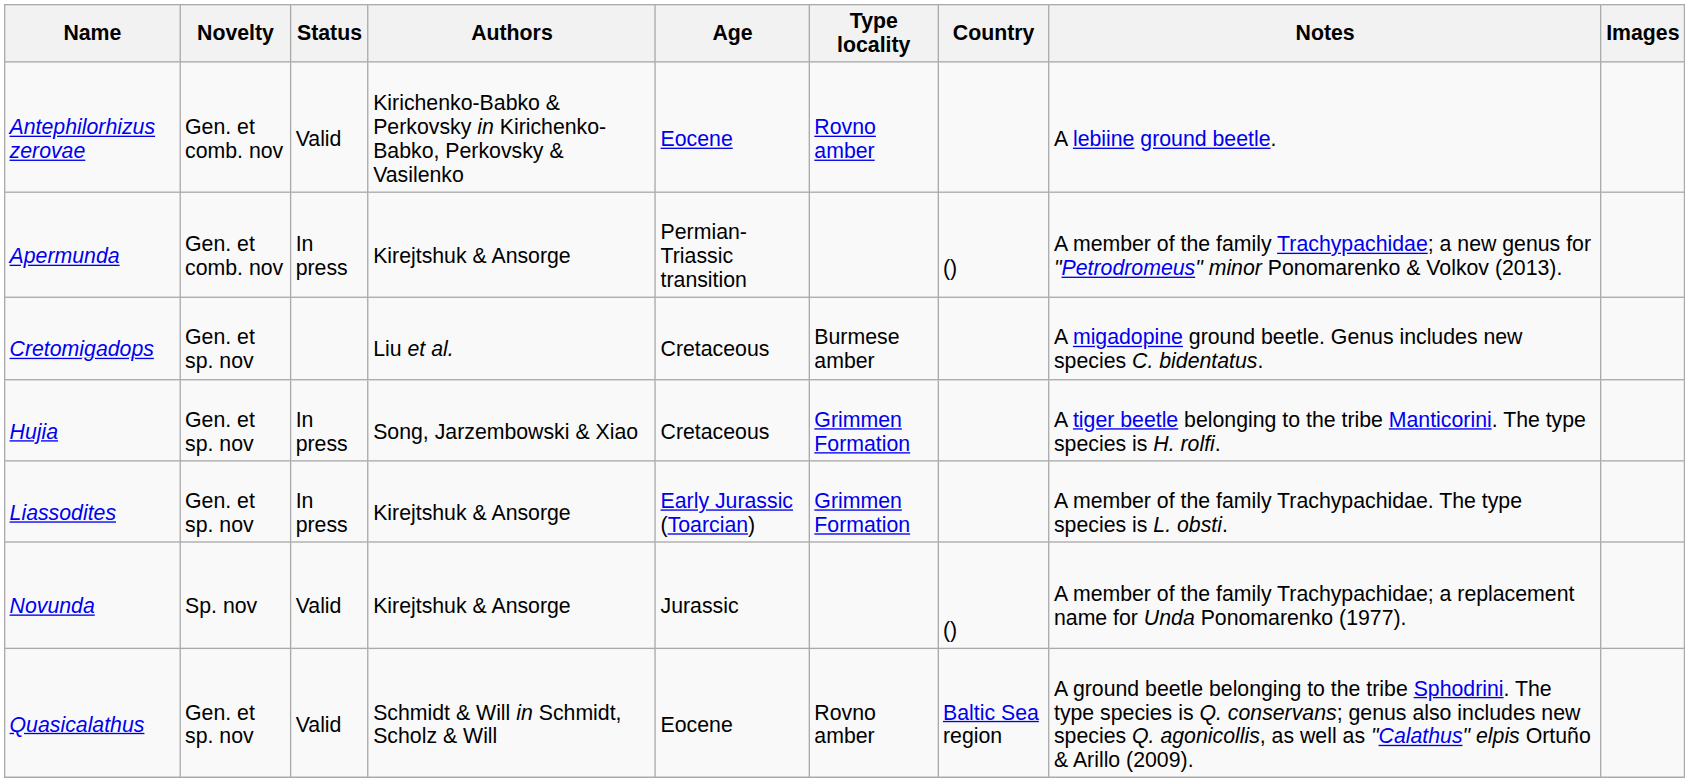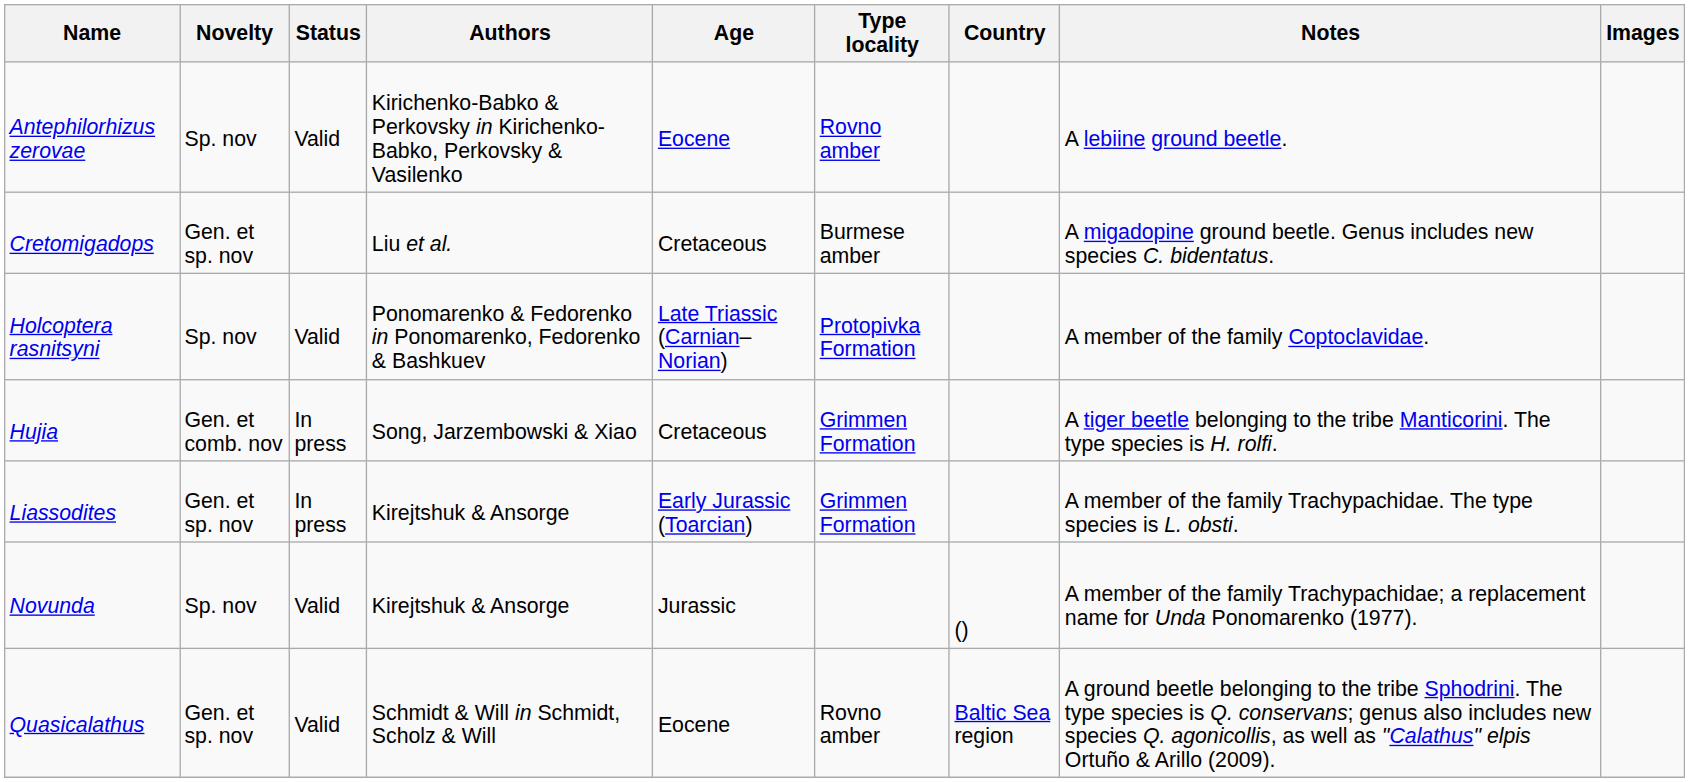 <table class="wikitable sortable" align="center" width="100%">
 <tr>
 <th>Name</th>
 <th>Novelty</th>
 <th>Status</th>
 <th>Authors</th>
 <th>Age</th>
 <th>Type locality</th>
 <th>Country</th>
 <th>Notes</th>
 <th>Images</th>
 </tr>
 <tr>
 <td><br><em><a href='#'>Antephilorhizus zerovae</a></em></td>
-<td><br>Gen. et comb. nov</td>
+<td><br>Sp. nov</td>
 <td><br>Valid</td>
 <td><br>Kirichenko-Babko & Perkovsky <em>in</em> Kirichenko-Babko, Perkovsky & Vasilenko</td>
 <td><br><a href='#'>Eocene</a></td>
 <td><br><a href='#'>Rovno amber</a></td>
 <td><br></td>
 <td><br>A <a href='#'>lebiine</a> <a href='#'>ground beetle</a>.</td>
-<td></td>
-</tr>
-<tr>
-<td><br><em><a href='#'>Apermunda</a></em></td>
-<td><br>Gen. et comb. nov</td>
-<td><br>In press</td>
-<td><br>Kirejtshuk & Ansorge</td>
-<td><br>Permian-Triassic transition</td>
-<td></td>
-<td><br><br>()</td>
-<td><br>A member of the family <a href='#'>Trachypachidae</a>; a new genus for<em> "<a href='#'>Petrodromeus</a>" minor</em> Ponomarenko & Volkov (2013).</td>
 <td></td>
 </tr>
 <tr>
 <td><br><em><a href='#'>Cretomigadops</a></em></td>
 <td><br>Gen. et sp. nov</td>
 <td></td>
 <td><br>Liu <em>et al.</em></td>
 <td><br>Cretaceous</td>
 <td><br>Burmese amber</td>
 <td><br></td>
 <td><br>A <a href='#'>migadopine</a> ground beetle. Genus includes new species <em>C. bidentatus</em>.</td>
 <td></td>
 </tr>
 <tr>
+<td><br><em><a href='#'>Holcoptera rasnitsyni</a></em></td>
+<td><br>Sp. nov</td>
+<td><br>Valid</td>
+<td><br>Ponomarenko & Fedorenko <em>in</em> Ponomarenko, Fedorenko & Bashkuev</td>
+<td><br><a href='#'>Late Triassic</a> (<a href='#'>Carnian</a>–<a href='#'>Norian</a>)</td>
+<td><br><a href='#'>Protopivka Formation</a></td>
+<td><br></td>
+<td><br>A member of the family <a href='#'>Coptoclavidae</a>.</td>
+<td></td>
+</tr>
+<tr>
 <td><br><em><a href='#'>Hujia</a></em></td>
-<td><br>Gen. et sp. nov</td>
+<td><br>Gen. et comb. nov</td>
 <td><br>In press</td>
 <td><br>Song, Jarzembowski & Xiao</td>
 <td><br>Cretaceous</td>
 <td><br><a href='#'>Grimmen Formation</a></td>
 <td><br></td>
 <td><br>A <a href='#'>tiger beetle</a> belonging to the tribe <a href='#'>Manticorini</a>. The type species is <em>H. rolfi</em>.</td>
 <td></td>
 </tr>
 <tr>
 <td><br><em><a href='#'>Liassodites</a></em></td>
 <td><br>Gen. et sp. nov</td>
 <td><br>In press</td>
 <td><br>Kirejtshuk & Ansorge</td>
 <td><br><a href='#'>Early Jurassic</a> (<a href='#'>Toarcian</a>)</td>
 <td><br><a href='#'>Grimmen Formation</a></td>
 <td><br></td>
 <td><br>A member of the family Trachypachidae. The type species is <em>L. obsti</em>.</td>
 <td></td>
 </tr>
 <tr>
 <td><br><em><a href='#'>Novunda</a></em></td>
 <td><br>Sp. nov</td>
 <td><br>Valid</td>
 <td><br>Kirejtshuk & Ansorge</td>
 <td><br>Jurassic</td>
 <td></td>
 <td><br><br> <br>()</td>
 <td><br>A member of the family Trachypachidae; a replacement name for <em>Unda</em> Ponomarenko (1977).</td>
 <td></td>
 </tr>
 <tr>
 <td><br><em><a href='#'>Quasicalathus</a></em></td>
 <td><br>Gen. et sp. nov</td>
 <td><br>Valid</td>
 <td><br>Schmidt & Will <em>in</em> Schmidt, Scholz & Will</td>
 <td><br>Eocene</td>
 <td><br>Rovno amber</td>
 <td><br><a href='#'>Baltic Sea</a> region<br> </td>
 <td><br>A ground beetle belonging to the tribe <a href='#'>Sphodrini</a>. The type species is <em>Q. conservans</em>; genus also includes new species <em>Q. agonicollis</em>, as well as <em>"<a href='#'>Calathus</a>" elpis</em> Ortuño & Arillo (2009).</td>
 <td></td>
 </tr>
 <tr>
 </tr>
 </table>
